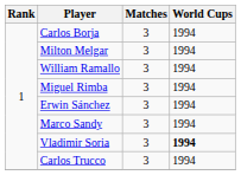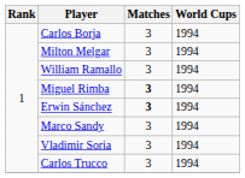 <table class="wikitable" style="text-align: left;">
 <tr>
 <th>Rank</th>
 <th>Player</th>
 <th>Matches</th>
 <th>World Cups</th>
 </tr>
 <tr>
 <td rowspan=8 align=center>1</td>
 <td><a href='#'>Carlos Borja</a></td>
 <td align=center>3</td>
 <td>1994</td>
 </tr>
 <tr>
 <td><a href='#'>Milton Melgar</a></td>
 <td align=center>3</td>
 <td>1994</td>
 </tr>
 <tr>
 <td><a href='#'>William Ramallo</a></td>
 <td align=center>3</td>
 <td>1994</td>
 </tr>
 <tr>
 <td><a href='#'>Miguel Rimba</a></td>
-<td align=center>3</td>
+<td align=center><strong>3</strong></td>
 <td>1994</td>
 </tr>
 <tr>
 <td><a href='#'>Erwin Sánchez</a></td>
-<td align=center>3</td>
+<td align=center><strong>3</strong></td>
 <td>1994</td>
 </tr>
 <tr>
 <td><a href='#'>Marco Sandy</a></td>
 <td align=center>3</td>
 <td>1994</td>
 </tr>
 <tr>
 <td><a href='#'>Vladimir Soria</a></td>
 <td align=center>3</td>
-<td><strong>1994</strong></td>
+<td>1994</td>
 </tr>
 <tr>
 <td><a href='#'>Carlos Trucco</a></td>
 <td align=center>3</td>
 <td>1994</td>
 </tr>
 <tr>
 </tr>
 </table>
